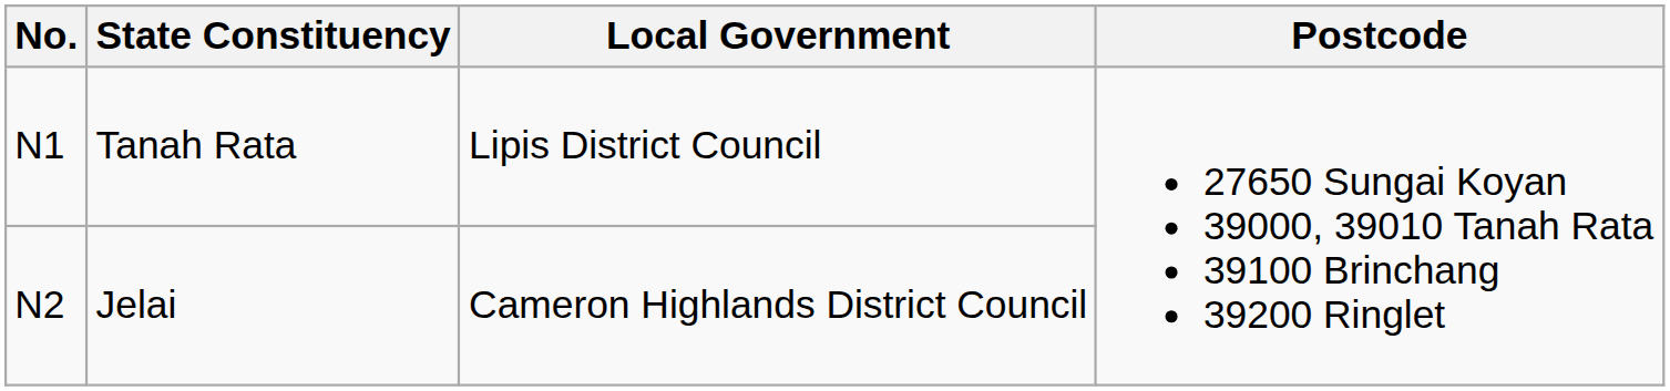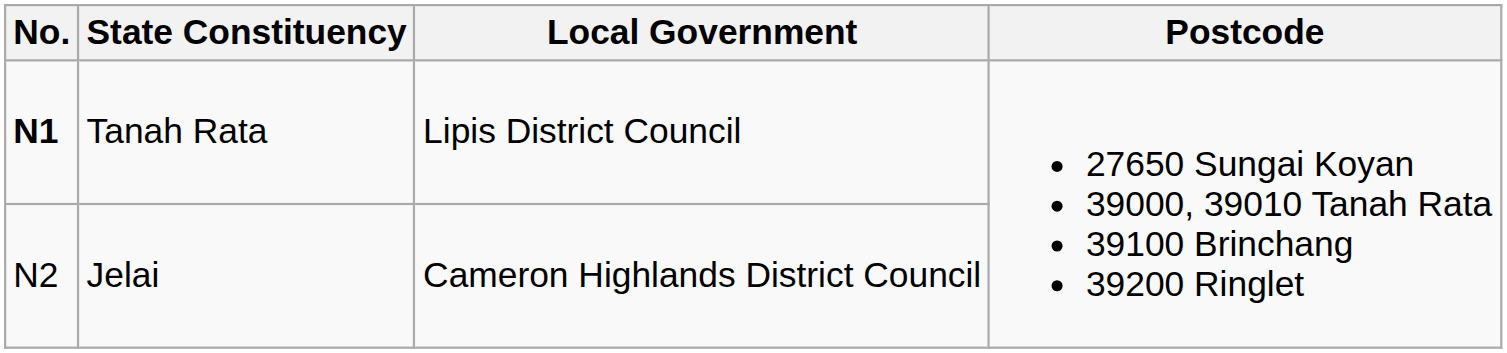 <table class="wikitable">
 <tr>
 <th>No.</th>
 <th>State Constituency</th>
 <th>Local Government</th>
 <th>Postcode</th>
 </tr>
 <tr>
-<td>N1</td>
+<td><strong>N1</strong></td>
 <td>Tanah Rata</td>
 <td>Lipis District Council</td>
 <td rowspan="2"><br><ul><li>27650 Sungai Koyan</li><li>39000, 39010 Tanah Rata</li><li>39100 Brinchang</li><li>39200 Ringlet</li></ul></td>
 </tr>
 <tr>
 <td>N2</td>
 <td>Jelai</td>
 <td>Cameron Highlands District Council</td>
 </tr>
 </table>
